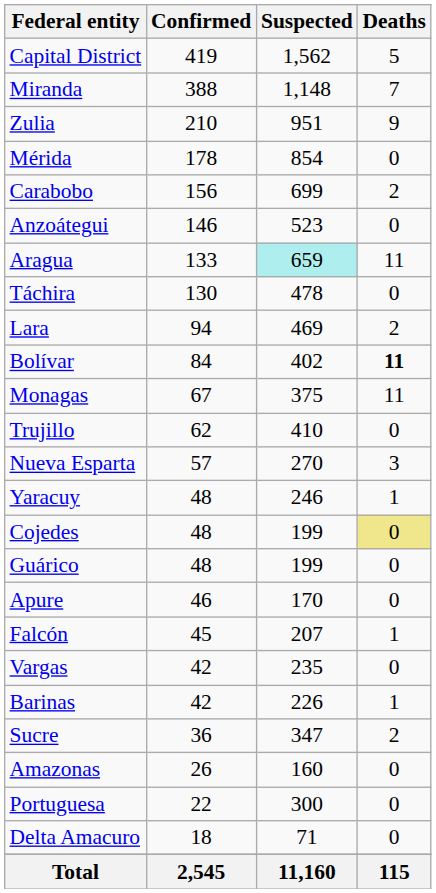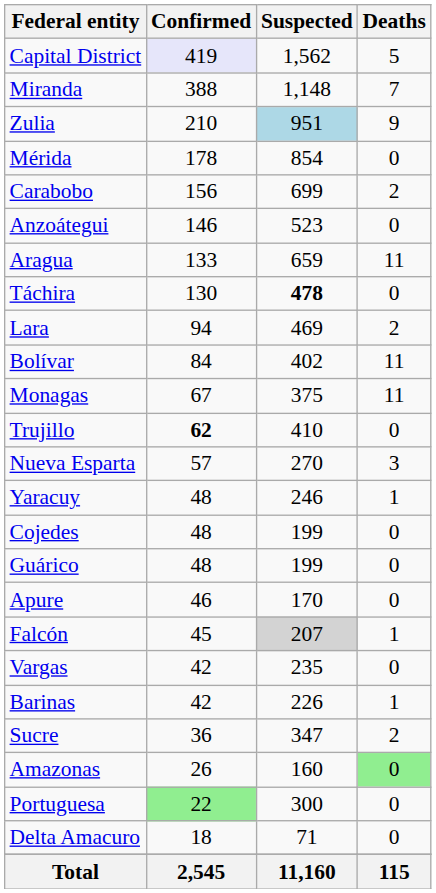 <table class="wikitable sortable" style="text-align:center">
 <tr>
 <th>Federal entity</th>
 <th>Confirmed</th>
 <th>Suspected</th>
 <th>Deaths</th>
 </tr>
 <tr>
 <td align=left><a href='#'>Capital District</a></td>
-<td>419</td>
+<td style="background: lavender;">419</td>
 <td>1,562</td>
 <td>5</td>
 </tr>
 <tr>
 <td align=left><a href='#'>Miranda</a></td>
 <td>388</td>
 <td>1,148</td>
 <td>7</td>
 </tr>
 <tr>
 <td align=left><a href='#'>Zulia</a></td>
 <td>210</td>
-<td>951</td>
+<td style="background: lightblue;">951</td>
 <td>9</td>
 </tr>
 <tr>
 <td align=left><a href='#'>Mérida</a></td>
 <td>178</td>
 <td>854</td>
 <td>0</td>
 </tr>
 <tr>
 <td align=left><a href='#'>Carabobo</a></td>
 <td>156</td>
 <td>699</td>
 <td>2</td>
 </tr>
 <tr>
 <td align=left><a href='#'>Anzoátegui</a></td>
 <td>146</td>
 <td>523</td>
 <td>0</td>
 </tr>
 <tr>
 <td align=left><a href='#'>Aragua</a></td>
 <td>133</td>
-<td style="background: paleturquoise;">659</td>
+<td>659</td>
 <td>11</td>
 </tr>
 <tr>
 <td align=left><a href='#'>Táchira</a></td>
 <td>130</td>
-<td>478</td>
+<td><strong>478</strong></td>
 <td>0</td>
 </tr>
 <tr>
 <td align=left><a href='#'>Lara</a></td>
 <td>94</td>
 <td>469</td>
 <td>2</td>
 </tr>
 <tr>
 <td align=left><a href='#'>Bolívar</a></td>
 <td>84</td>
 <td>402</td>
-<td><strong>11</strong></td>
+<td>11</td>
 </tr>
 <tr>
 <td align=left><a href='#'>Monagas</a></td>
 <td>67</td>
 <td>375</td>
 <td>11</td>
 </tr>
 <tr>
 <td align=left><a href='#'>Trujillo</a></td>
-<td>62</td>
+<td><strong>62</strong></td>
 <td>410</td>
 <td>0</td>
 </tr>
 <tr>
 <td align=left><a href='#'>Nueva Esparta</a></td>
 <td>57</td>
 <td>270</td>
 <td>3</td>
 </tr>
 <tr>
 <td align=left><a href='#'>Yaracuy</a></td>
 <td>48</td>
 <td>246</td>
 <td>1</td>
 </tr>
 <tr>
 <td align=left><a href='#'>Cojedes</a></td>
 <td>48</td>
 <td>199</td>
-<td style="background: khaki;">0</td>
+<td>0</td>
 </tr>
 <tr>
 <td align=left><a href='#'>Guárico</a></td>
 <td>48</td>
 <td>199</td>
 <td>0</td>
 </tr>
 <tr>
 <td align=left><a href='#'>Apure</a></td>
 <td>46</td>
 <td>170</td>
 <td>0</td>
 </tr>
 <tr>
 <td align=left><a href='#'>Falcón</a></td>
 <td>45</td>
-<td>207</td>
+<td style="background: lightgrey;">207</td>
 <td>1</td>
 </tr>
 <tr>
 <td align=left><a href='#'>Vargas</a></td>
 <td>42</td>
 <td>235</td>
 <td>0</td>
 </tr>
 <tr>
 <td align=left><a href='#'>Barinas</a></td>
 <td>42</td>
 <td>226</td>
 <td>1</td>
 </tr>
 <tr>
 <td align=left><a href='#'>Sucre</a></td>
 <td>36</td>
 <td>347</td>
 <td>2</td>
 </tr>
 <tr>
 <td align=left><a href='#'>Amazonas</a></td>
 <td>26</td>
 <td>160</td>
-<td>0</td>
+<td style="background: lightgreen;">0</td>
 </tr>
 <tr>
 <td align=left><a href='#'>Portuguesa</a></td>
-<td>22</td>
+<td style="background: lightgreen;">22</td>
 <td>300</td>
 <td>0</td>
 </tr>
 <tr>
 <td align=left><a href='#'>Delta Amacuro</a></td>
 <td>18</td>
 <td>71</td>
 <td>0</td>
 </tr>
 <tr>
 </tr>
 <tr class="sortbottom">
 <th>Total</th>
 <th>2,545</th>
 <th>11,160</th>
 <th>115</th>
 </tr>
 </table>
